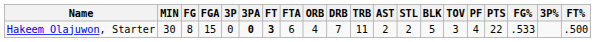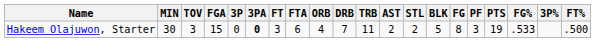 <table class="wikitable sortable sortable" style="text-align: center">
 <tr>
 <th>Name</th>
 <th>MIN</th>
-<th>FG</th>
+<th>TOV</th>
 <th>FGA</th>
 <th>3P</th>
 <th>3PA</th>
 <th>FT</th>
 <th>FTA</th>
 <th>ORB</th>
 <th>DRB</th>
 <th>TRB</th>
 <th>AST</th>
 <th>STL</th>
 <th>BLK</th>
-<th>TOV</th>
+<th>FG</th>
 <th>PF</th>
 <th>PTS</th>
 <th>FG%</th>
 <th>3P%</th>
 <th>FT%</th>
 </tr>
 <tr>
 <td><a href='#'>Hakeem Olajuwon</a>, Starter</td>
 <td>30</td>
-<td>8</td>
+<td>3</td>
 <td>15</td>
 <td>0</td>
 <td><strong>0</strong></td>
-<td><strong>3</strong></td>
+<td>3</td>
 <td>6</td>
 <td>4</td>
 <td>7</td>
 <td>11</td>
 <td>2</td>
 <td>2</td>
 <td>5</td>
+<td>8</td>
 <td>3</td>
-<td>4</td>
-<td>22</td>
+<td>19</td>
 <td>.533</td>
 <td></td>
 <td>.500</td>
 </tr>
 </table>
